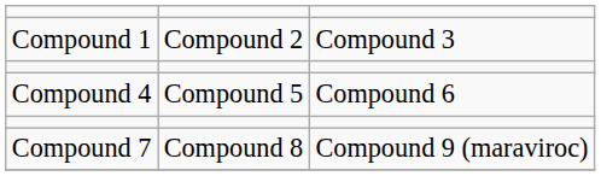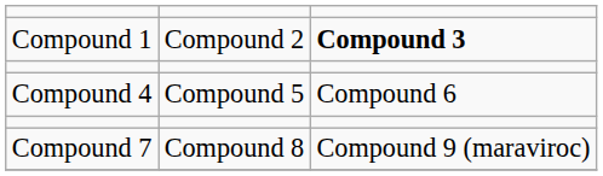 <table class="wikitable" border="1" style="margin: 1em auto 1em auto">
 <tr>
 <td></td>
 <td></td>
 <td></td>
 </tr>
 <tr>
 <td>Compound 1</td>
 <td>Compound 2</td>
-<td>Compound 3</td>
+<td><strong>Compound 3</strong></td>
 </tr>
 <tr>
 <td></td>
 <td></td>
 <td></td>
 </tr>
 <tr>
 <td>Compound 4</td>
 <td>Compound 5</td>
 <td>Compound 6</td>
 </tr>
 <tr>
 <td></td>
 <td></td>
 <td></td>
 </tr>
 <tr>
 <td>Compound 7</td>
 <td>Compound 8</td>
 <td>Compound 9 (maraviroc)</td>
 </tr>
 <tr>
 </tr>
 </table>
